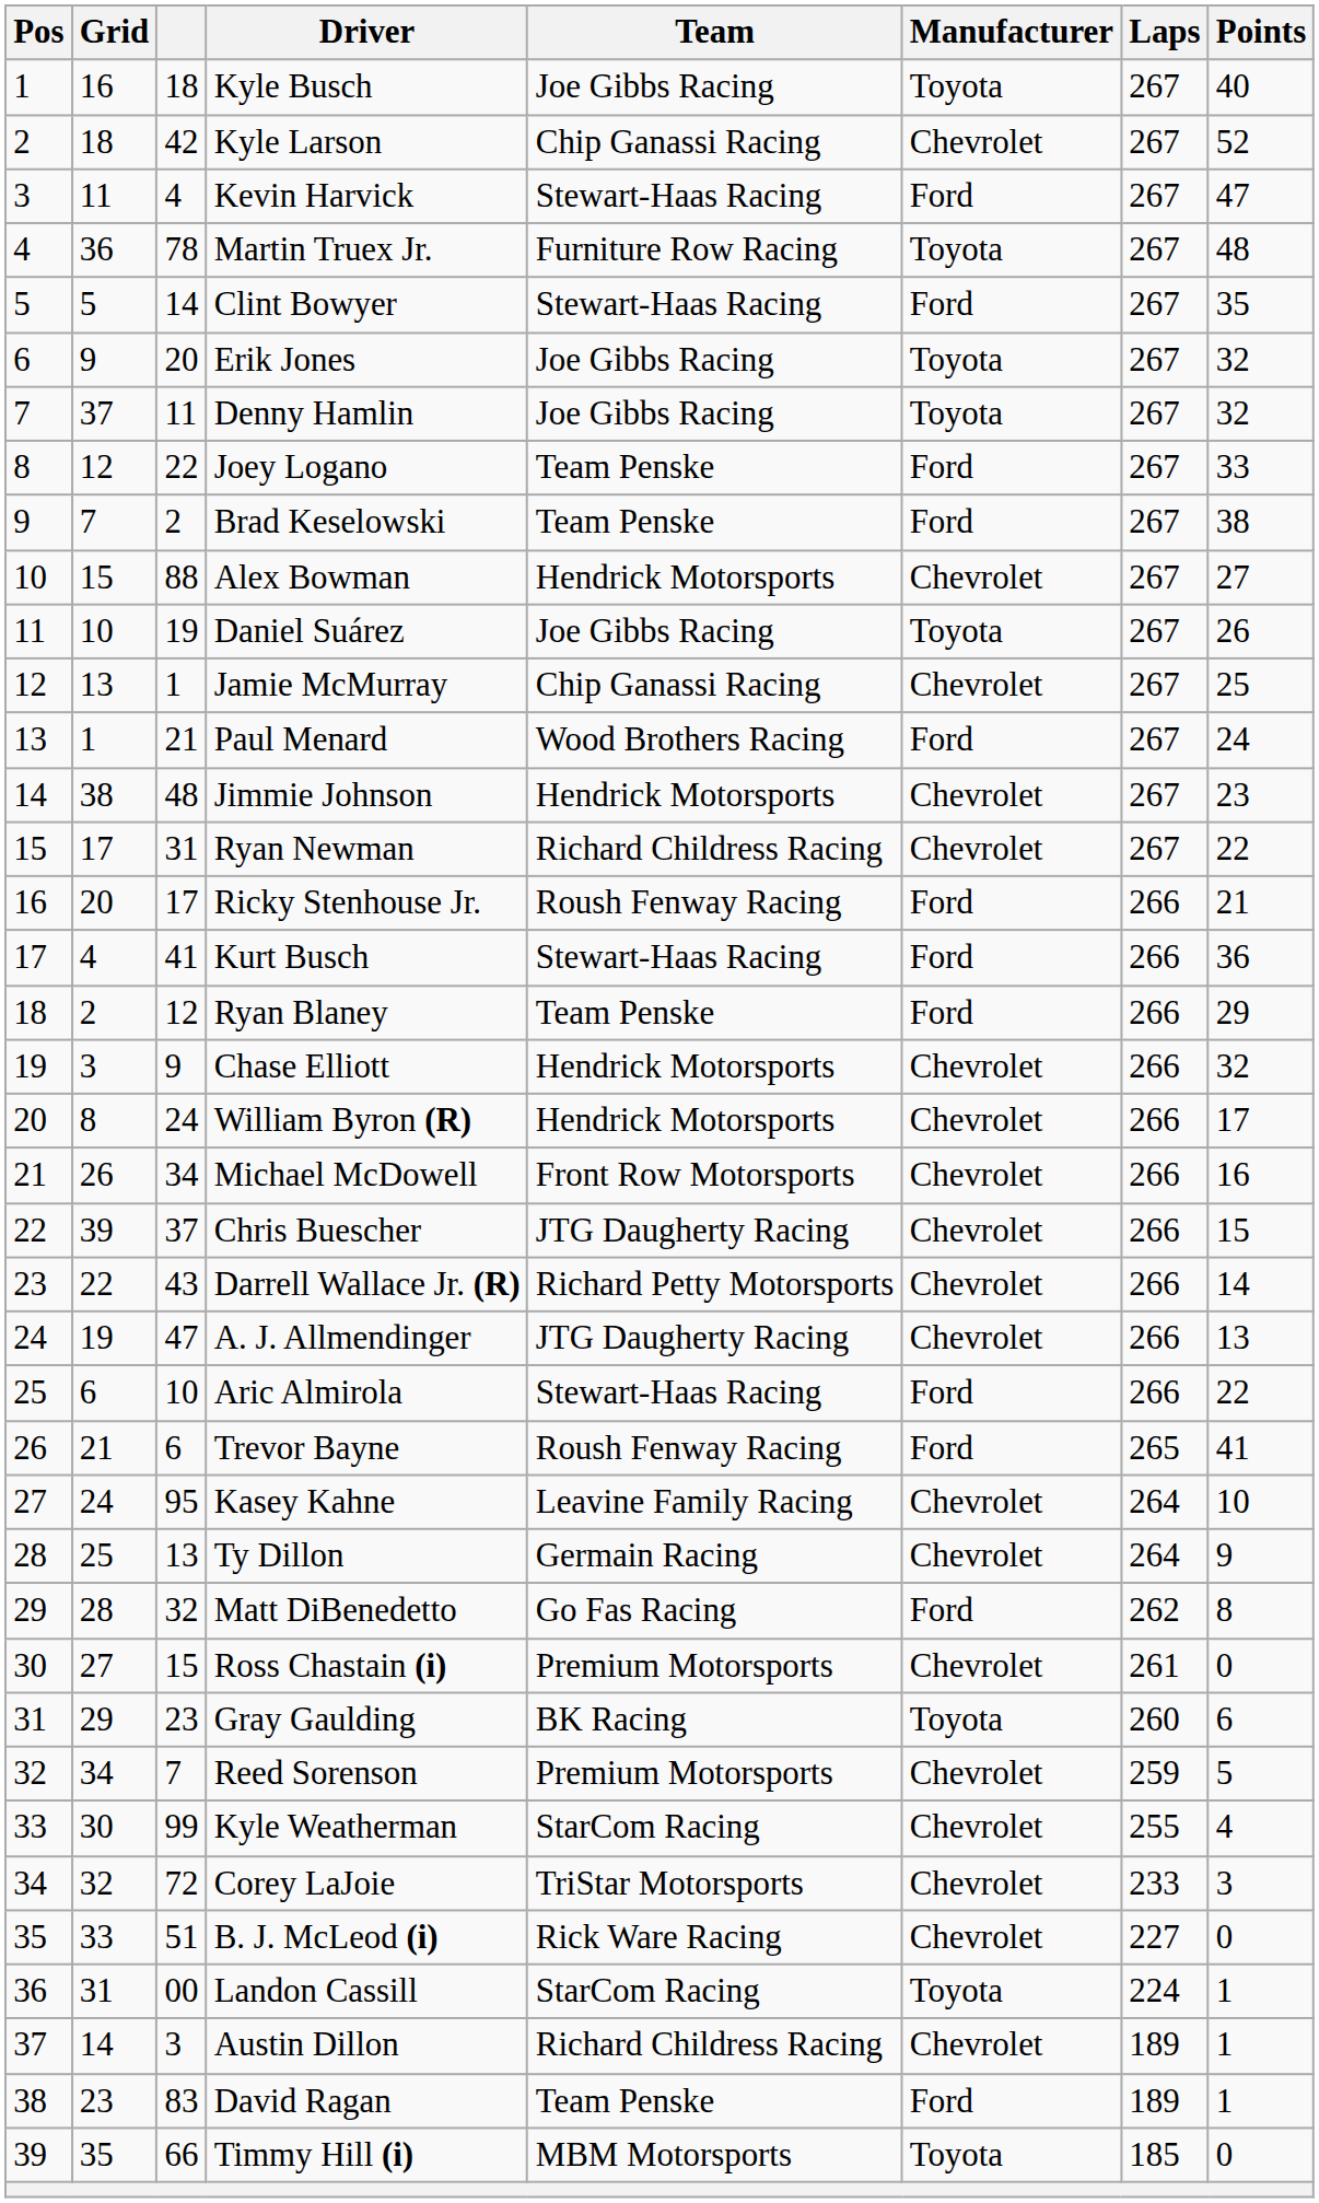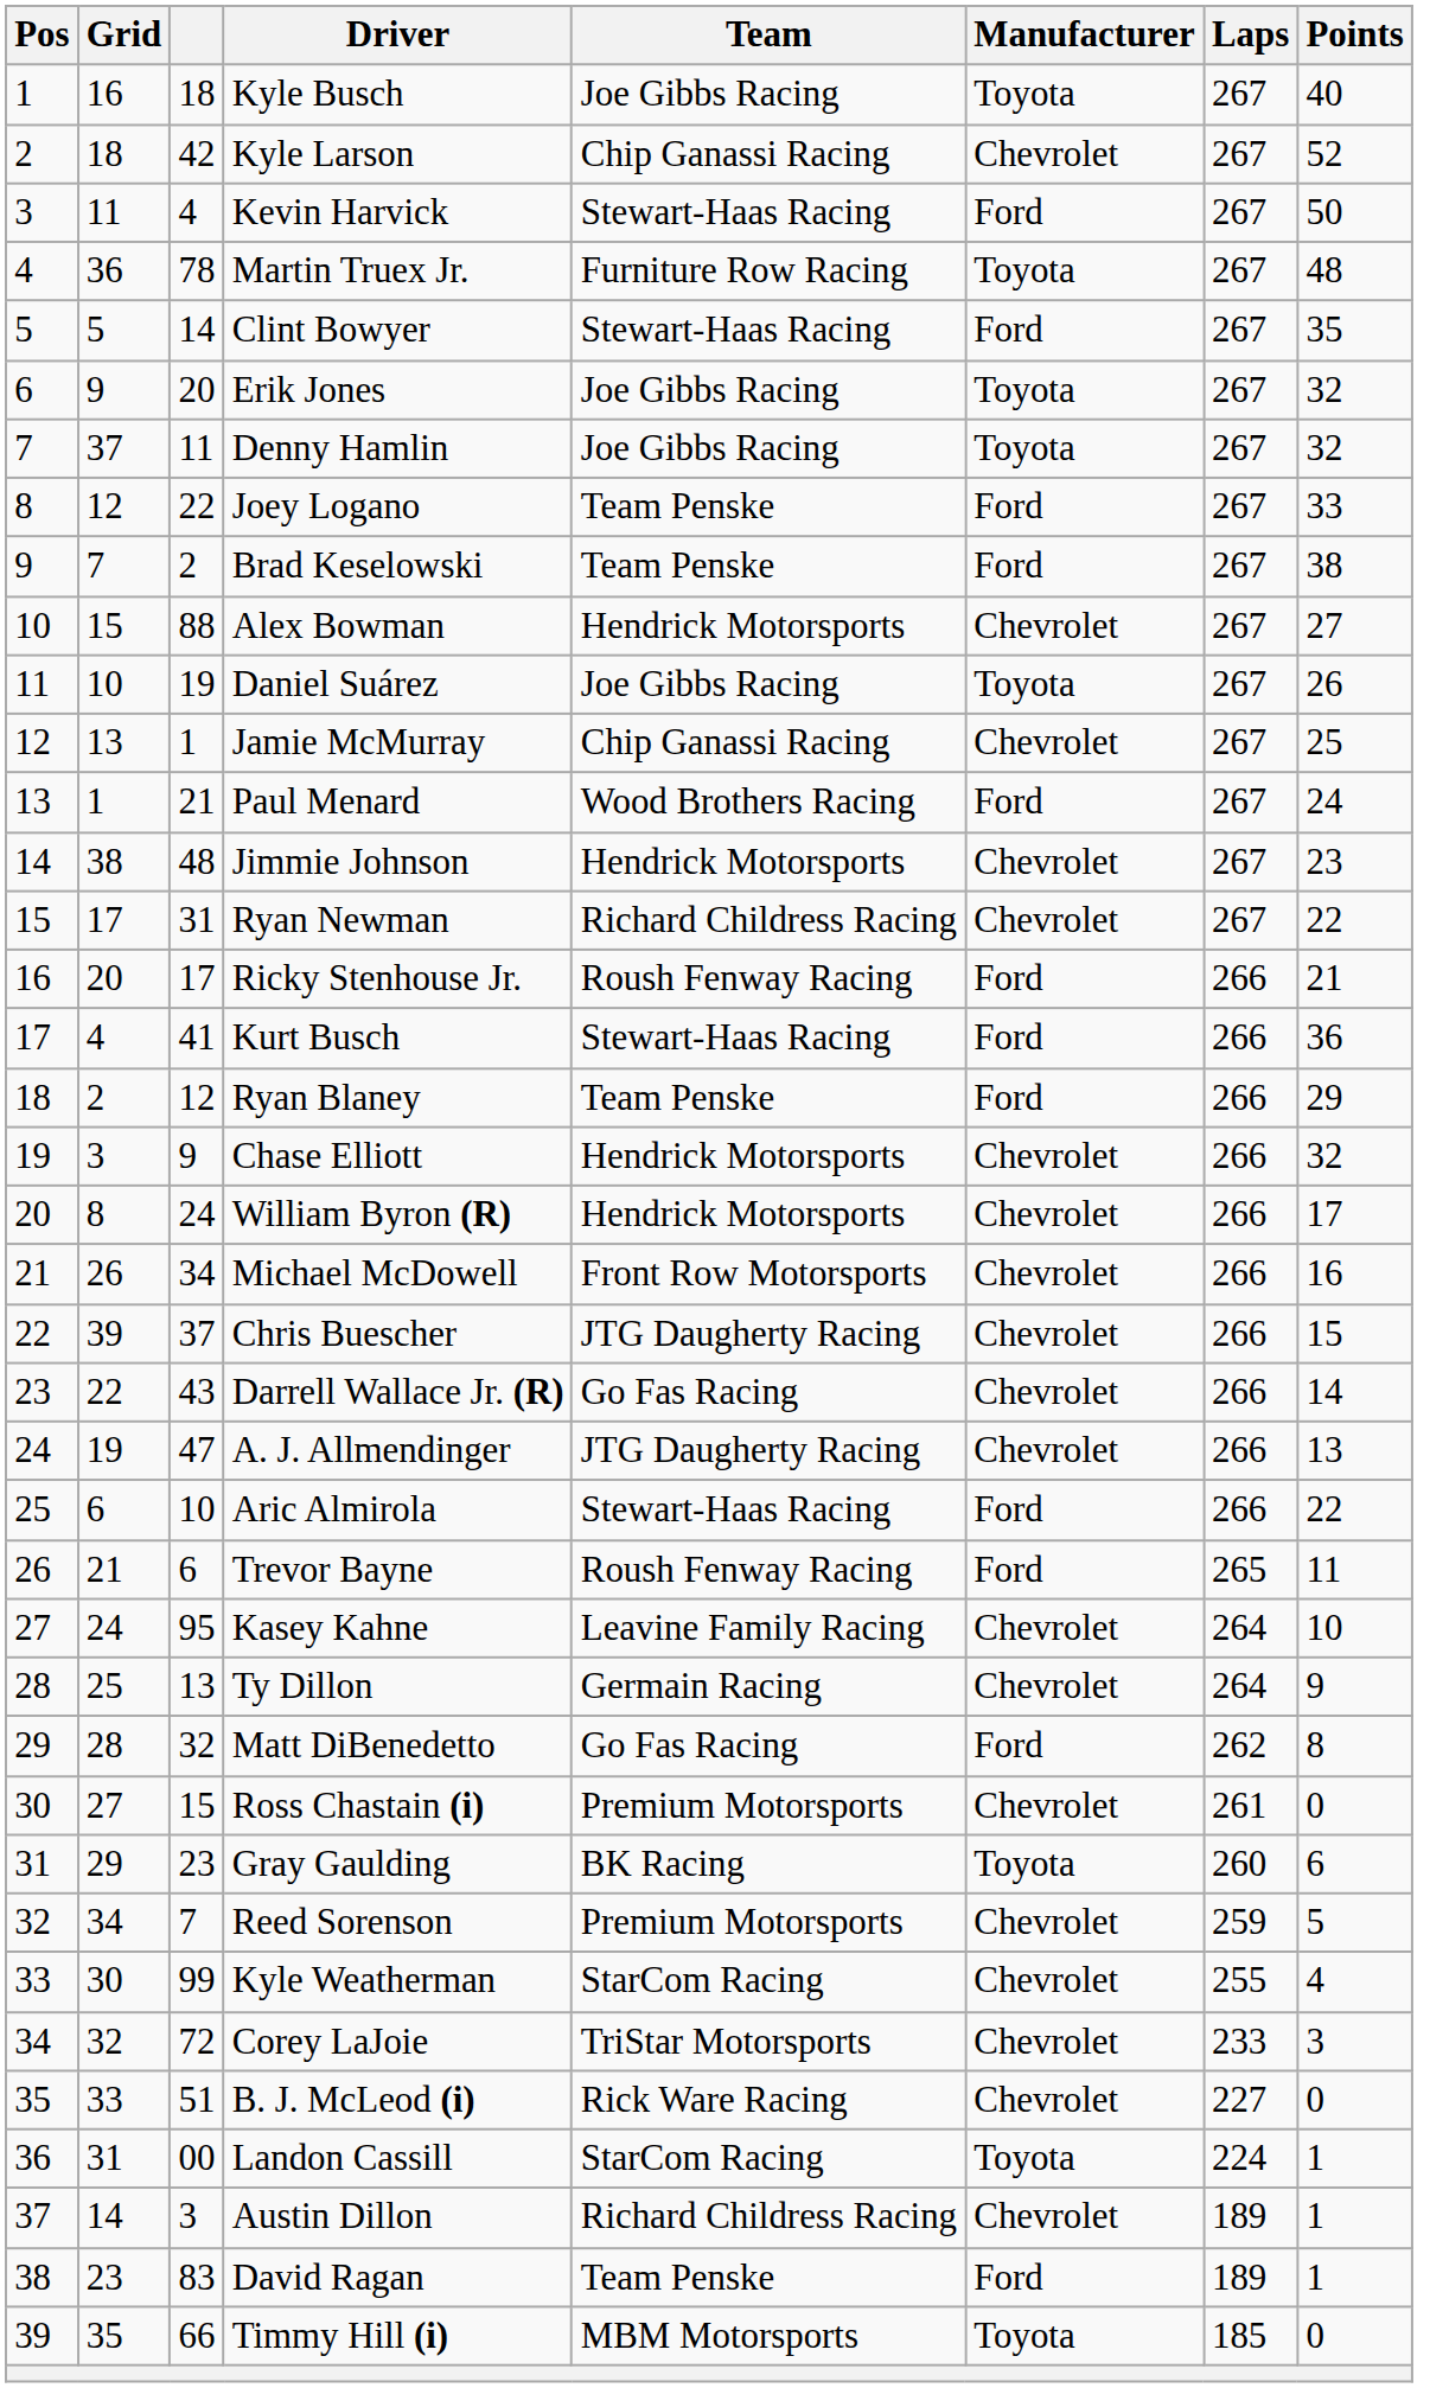 <table class="wikitable" style="font-size:98%">
 <tr>
 <th>Pos</th>
 <th>Grid</th>
 <th></th>
 <th>Driver</th>
 <th>Team</th>
 <th>Manufacturer</th>
 <th>Laps</th>
 <th>Points</th>
 </tr>
 <tr>
 <td>1</td>
 <td>16</td>
 <td>18</td>
 <td>Kyle Busch</td>
 <td>Joe Gibbs Racing</td>
 <td>Toyota</td>
 <td>267</td>
 <td>40</td>
 </tr>
 <tr>
 <td>2</td>
 <td>18</td>
 <td>42</td>
 <td>Kyle Larson</td>
 <td>Chip Ganassi Racing</td>
 <td>Chevrolet</td>
 <td>267</td>
 <td>52</td>
 </tr>
 <tr>
 <td>3</td>
 <td>11</td>
 <td>4</td>
 <td>Kevin Harvick</td>
 <td>Stewart-Haas Racing</td>
 <td>Ford</td>
 <td>267</td>
-<td>47</td>
+<td>50</td>
 </tr>
 <tr>
 <td>4</td>
 <td>36</td>
 <td>78</td>
 <td>Martin Truex Jr.</td>
 <td>Furniture Row Racing</td>
 <td>Toyota</td>
 <td>267</td>
 <td>48</td>
 </tr>
 <tr>
 <td>5</td>
 <td>5</td>
 <td>14</td>
 <td>Clint Bowyer</td>
 <td>Stewart-Haas Racing</td>
 <td>Ford</td>
 <td>267</td>
 <td>35</td>
 </tr>
 <tr>
 <td>6</td>
 <td>9</td>
 <td>20</td>
 <td>Erik Jones</td>
 <td>Joe Gibbs Racing</td>
 <td>Toyota</td>
 <td>267</td>
 <td>32</td>
 </tr>
 <tr>
 <td>7</td>
 <td>37</td>
 <td>11</td>
 <td>Denny Hamlin</td>
 <td>Joe Gibbs Racing</td>
 <td>Toyota</td>
 <td>267</td>
 <td>32</td>
 </tr>
 <tr>
 <td>8</td>
 <td>12</td>
 <td>22</td>
 <td>Joey Logano</td>
 <td>Team Penske</td>
 <td>Ford</td>
 <td>267</td>
 <td>33</td>
 </tr>
 <tr>
 <td>9</td>
 <td>7</td>
 <td>2</td>
 <td>Brad Keselowski</td>
 <td>Team Penske</td>
 <td>Ford</td>
 <td>267</td>
 <td>38</td>
 </tr>
 <tr>
 <td>10</td>
 <td>15</td>
 <td>88</td>
 <td>Alex Bowman</td>
 <td>Hendrick Motorsports</td>
 <td>Chevrolet</td>
 <td>267</td>
 <td>27</td>
 </tr>
 <tr>
 <td>11</td>
 <td>10</td>
 <td>19</td>
 <td>Daniel Suárez</td>
 <td>Joe Gibbs Racing</td>
 <td>Toyota</td>
 <td>267</td>
 <td>26</td>
 </tr>
 <tr>
 <td>12</td>
 <td>13</td>
 <td>1</td>
 <td>Jamie McMurray</td>
 <td>Chip Ganassi Racing</td>
 <td>Chevrolet</td>
 <td>267</td>
 <td>25</td>
 </tr>
 <tr>
 <td>13</td>
 <td>1</td>
 <td>21</td>
 <td>Paul Menard</td>
 <td>Wood Brothers Racing</td>
 <td>Ford</td>
 <td>267</td>
 <td>24</td>
 </tr>
 <tr>
 <td>14</td>
 <td>38</td>
 <td>48</td>
 <td>Jimmie Johnson</td>
 <td>Hendrick Motorsports</td>
 <td>Chevrolet</td>
 <td>267</td>
 <td>23</td>
 </tr>
 <tr>
 <td>15</td>
 <td>17</td>
 <td>31</td>
 <td>Ryan Newman</td>
 <td>Richard Childress Racing</td>
 <td>Chevrolet</td>
 <td>267</td>
 <td>22</td>
 </tr>
 <tr>
 <td>16</td>
 <td>20</td>
 <td>17</td>
 <td>Ricky Stenhouse Jr.</td>
 <td>Roush Fenway Racing</td>
 <td>Ford</td>
 <td>266</td>
 <td>21</td>
 </tr>
 <tr>
 <td>17</td>
 <td>4</td>
 <td>41</td>
 <td>Kurt Busch</td>
 <td>Stewart-Haas Racing</td>
 <td>Ford</td>
 <td>266</td>
 <td>36</td>
 </tr>
 <tr>
 <td>18</td>
 <td>2</td>
 <td>12</td>
 <td>Ryan Blaney</td>
 <td>Team Penske</td>
 <td>Ford</td>
 <td>266</td>
 <td>29</td>
 </tr>
 <tr>
 <td>19</td>
 <td>3</td>
 <td>9</td>
 <td>Chase Elliott</td>
 <td>Hendrick Motorsports</td>
 <td>Chevrolet</td>
 <td>266</td>
 <td>32</td>
 </tr>
 <tr>
 <td>20</td>
 <td>8</td>
 <td>24</td>
 <td>William Byron <strong>(R)</strong></td>
 <td>Hendrick Motorsports</td>
 <td>Chevrolet</td>
 <td>266</td>
 <td>17</td>
 </tr>
 <tr>
 <td>21</td>
 <td>26</td>
 <td>34</td>
 <td>Michael McDowell</td>
 <td>Front Row Motorsports</td>
 <td>Chevrolet</td>
 <td>266</td>
 <td>16</td>
 </tr>
 <tr>
 <td>22</td>
 <td>39</td>
 <td>37</td>
 <td>Chris Buescher</td>
 <td>JTG Daugherty Racing</td>
 <td>Chevrolet</td>
 <td>266</td>
 <td>15</td>
 </tr>
 <tr>
 <td>23</td>
 <td>22</td>
 <td>43</td>
 <td>Darrell Wallace Jr. <strong>(R)</strong></td>
-<td>Richard Petty Motorsports</td>
+<td>Go Fas Racing</td>
 <td>Chevrolet</td>
 <td>266</td>
 <td>14</td>
 </tr>
 <tr>
 <td>24</td>
 <td>19</td>
 <td>47</td>
 <td>A. J. Allmendinger</td>
 <td>JTG Daugherty Racing</td>
 <td>Chevrolet</td>
 <td>266</td>
 <td>13</td>
 </tr>
 <tr>
 <td>25</td>
 <td>6</td>
 <td>10</td>
 <td>Aric Almirola</td>
 <td>Stewart-Haas Racing</td>
 <td>Ford</td>
 <td>266</td>
 <td>22</td>
 </tr>
 <tr>
 <td>26</td>
 <td>21</td>
 <td>6</td>
 <td>Trevor Bayne</td>
 <td>Roush Fenway Racing</td>
 <td>Ford</td>
 <td>265</td>
-<td>41</td>
+<td>11</td>
 </tr>
 <tr>
 <td>27</td>
 <td>24</td>
 <td>95</td>
 <td>Kasey Kahne</td>
 <td>Leavine Family Racing</td>
 <td>Chevrolet</td>
 <td>264</td>
 <td>10</td>
 </tr>
 <tr>
 <td>28</td>
 <td>25</td>
 <td>13</td>
 <td>Ty Dillon</td>
 <td>Germain Racing</td>
 <td>Chevrolet</td>
 <td>264</td>
 <td>9</td>
 </tr>
 <tr>
 <td>29</td>
 <td>28</td>
 <td>32</td>
 <td>Matt DiBenedetto</td>
 <td>Go Fas Racing</td>
 <td>Ford</td>
 <td>262</td>
 <td>8</td>
 </tr>
 <tr>
 <td>30</td>
 <td>27</td>
 <td>15</td>
 <td>Ross Chastain <strong>(i)</strong></td>
 <td>Premium Motorsports</td>
 <td>Chevrolet</td>
 <td>261</td>
 <td>0</td>
 </tr>
 <tr>
 <td>31</td>
 <td>29</td>
 <td>23</td>
 <td>Gray Gaulding</td>
 <td>BK Racing</td>
 <td>Toyota</td>
 <td>260</td>
 <td>6</td>
 </tr>
 <tr>
 <td>32</td>
 <td>34</td>
 <td>7</td>
 <td>Reed Sorenson</td>
 <td>Premium Motorsports</td>
 <td>Chevrolet</td>
 <td>259</td>
 <td>5</td>
 </tr>
 <tr>
 <td>33</td>
 <td>30</td>
 <td>99</td>
 <td>Kyle Weatherman</td>
 <td>StarCom Racing</td>
 <td>Chevrolet</td>
 <td>255</td>
 <td>4</td>
 </tr>
 <tr>
 <td>34</td>
 <td>32</td>
 <td>72</td>
 <td>Corey LaJoie</td>
 <td>TriStar Motorsports</td>
 <td>Chevrolet</td>
 <td>233</td>
 <td>3</td>
 </tr>
 <tr>
 <td>35</td>
 <td>33</td>
 <td>51</td>
 <td>B. J. McLeod <strong>(i)</strong></td>
 <td>Rick Ware Racing</td>
 <td>Chevrolet</td>
 <td>227</td>
 <td>0</td>
 </tr>
 <tr>
 <td>36</td>
 <td>31</td>
 <td>00</td>
 <td>Landon Cassill</td>
 <td>StarCom Racing</td>
 <td>Toyota</td>
 <td>224</td>
 <td>1</td>
 </tr>
 <tr>
 <td>37</td>
 <td>14</td>
 <td>3</td>
 <td>Austin Dillon</td>
 <td>Richard Childress Racing</td>
 <td>Chevrolet</td>
 <td>189</td>
 <td>1</td>
 </tr>
 <tr>
 <td>38</td>
 <td>23</td>
 <td>83</td>
 <td>David Ragan</td>
 <td>Team Penske</td>
 <td>Ford</td>
 <td>189</td>
 <td>1</td>
 </tr>
 <tr>
 <td>39</td>
 <td>35</td>
 <td>66</td>
 <td>Timmy Hill <strong>(i)</strong></td>
 <td>MBM Motorsports</td>
 <td>Toyota</td>
 <td>185</td>
 <td>0</td>
 </tr>
 <tr>
 <th colspan="8"></th>
 </tr>
 </table>
